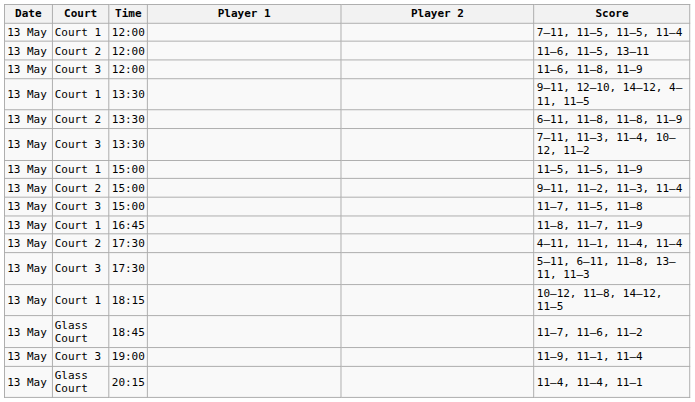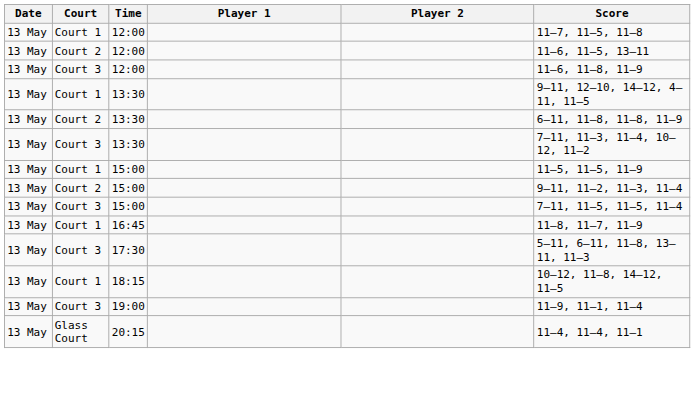 <table class="sortable wikitable" style="font-size:90%">
 <tr>
 <th width="45" class="unsortable">Date</th>
 <th width="55">Court</th>
 <th width="30">Time</th>
 <th width="200">Player 1</th>
 <th width="200">Player 2</th>
 <th width="160" class="unsortable">Score</th>
 </tr>
 <tr>
 <td>13 May</td>
 <td>Court 1</td>
 <td>12:00</td>
 <td><strong></strong></td>
 <td></td>
-<td>7–11, 11–5, 11–5, 11–4</td>
+<td>11–7, 11–5, 11–8</td>
 </tr>
 <tr>
 <td>13 May</td>
 <td>Court 2</td>
 <td>12:00</td>
 <td></td>
 <td><strong></strong></td>
 <td>11–6, 11–5, 13–11</td>
 </tr>
 <tr>
 <td>13 May</td>
 <td>Court 3</td>
 <td>12:00</td>
 <td><strong></strong></td>
 <td></td>
 <td>11–6, 11–8, 11–9</td>
 </tr>
 <tr>
 <td>13 May</td>
 <td>Court 1</td>
 <td>13:30</td>
 <td><strong></strong></td>
 <td></td>
 <td>9–11, 12–10, 14–12, 4–11, 11–5</td>
 </tr>
 <tr>
 <td>13 May</td>
 <td>Court 2</td>
 <td>13:30</td>
 <td><strong></strong></td>
 <td></td>
 <td>6–11, 11–8, 11–8, 11–9</td>
 </tr>
 <tr>
 <td>13 May</td>
 <td>Court 3</td>
 <td>13:30</td>
 <td><strong></strong></td>
 <td></td>
 <td>7–11, 11–3, 11–4, 10–12, 11–2</td>
 </tr>
 <tr>
 <td>13 May</td>
 <td>Court 1</td>
 <td>15:00</td>
 <td></td>
 <td><strong></strong></td>
 <td>11–5, 11–5, 11–9</td>
 </tr>
 <tr>
 <td>13 May</td>
 <td>Court 2</td>
 <td>15:00</td>
 <td><strong></strong></td>
 <td></td>
 <td>9–11, 11–2, 11–3, 11–4</td>
 </tr>
 <tr>
 <td>13 May</td>
 <td>Court 3</td>
 <td>15:00</td>
 <td></td>
 <td><strong></strong></td>
-<td>11–7, 11–5, 11–8</td>
+<td>7–11, 11–5, 11–5, 11–4</td>
 </tr>
 <tr>
 <td>13 May</td>
 <td>Court 1</td>
 <td>16:45</td>
 <td><strong></strong></td>
 <td></td>
 <td>11–8, 11–7, 11–9</td>
-</tr>
-<tr>
-<td>13 May</td>
-<td>Court 2</td>
-<td>17:30</td>
-<td></td>
-<td><strong></strong></td>
-<td>4–11, 11–1, 11–4, 11–4</td>
 </tr>
 <tr>
 <td>13 May</td>
 <td>Court 3</td>
 <td>17:30</td>
 <td></td>
 <td><strong></strong></td>
 <td>5–11, 6–11, 11–8, 13–11, 11–3</td>
 </tr>
 <tr>
 <td>13 May</td>
 <td>Court 1</td>
 <td>18:15</td>
 <td></td>
 <td><strong></strong></td>
 <td>10–12, 11–8, 14–12, 11–5</td>
 </tr>
 <tr>
 <td>13 May</td>
-<td>Glass Court</td>
-<td>18:45</td>
-<td><strong></strong></td>
-<td></td>
-<td>11–7, 11–6, 11–2</td>
-</tr>
-<tr>
-<td>13 May</td>
 <td>Court 3</td>
 <td>19:00</td>
 <td><strong></strong></td>
 <td></td>
 <td>11–9, 11–1, 11–4</td>
 </tr>
 <tr>
 <td>13 May</td>
 <td>Glass Court</td>
 <td>20:15</td>
 <td></td>
 <td><strong></strong></td>
 <td>11–4, 11–4, 11–1</td>
 </tr>
 </table>
